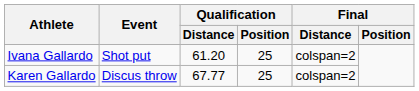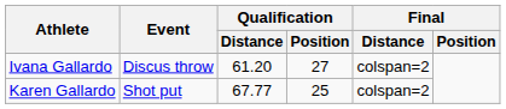 <table class=wikitable style="font-size:90%">
 <tr>
 <th rowspan="2">Athlete</th>
 <th rowspan="2">Event</th>
 <th colspan="2">Qualification</th>
 <th colspan="2">Final</th>
 </tr>
 <tr style="font-size:95%">
 <th>Distance</th>
 <th>Position</th>
 <th>Distance</th>
 <th>Position</th>
 </tr>
 <tr style=text-align:center>
 <td style=text-align:left><a href='#'>Ivana Gallardo</a></td>
-<td style=text-align:left><a href='#'>Shot put</a></td>
+<td style=text-align:left><a href='#'>Discus throw</a></td>
 <td>61.20</td>
-<td>25</td>
+<td>27</td>
 <td>colspan=2</td>
 </tr>
 <tr style=text-align:center>
 <td style=text-align:left><a href='#'>Karen Gallardo</a></td>
-<td style=text-align:left><a href='#'>Discus throw</a></td>
+<td style=text-align:left><a href='#'>Shot put</a></td>
 <td>67.77</td>
 <td>25</td>
 <td>colspan=2</td>
 </tr>
 </table>
